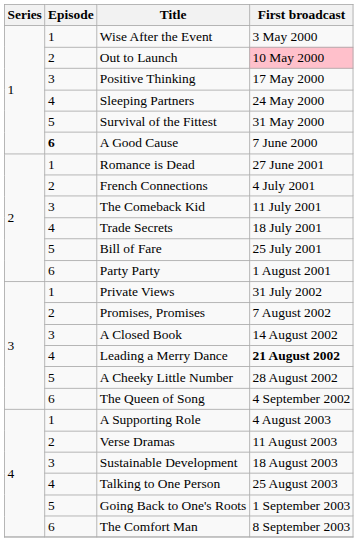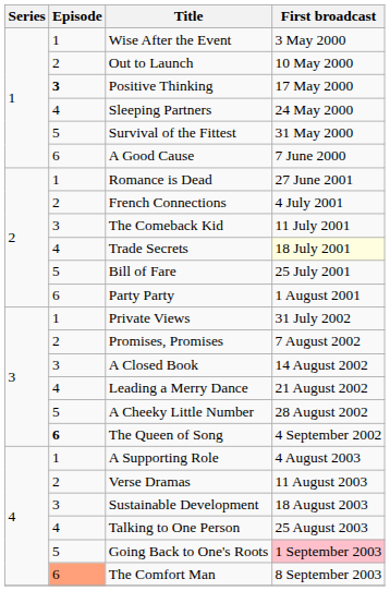 <table class="wikitable">
 <tr>
 <th>Series</th>
 <th>Episode</th>
 <th>Title</th>
 <th>First broadcast</th>
 </tr>
 <tr>
 <td rowspan="6">1</td>
 <td>1</td>
 <td>Wise After the Event</td>
 <td>3 May 2000</td>
 </tr>
 <tr>
 <td>2</td>
 <td>Out to Launch</td>
-<td style="background: pink;">10 May 2000</td>
+<td>10 May 2000</td>
 </tr>
 <tr>
-<td>3</td>
+<td><strong>3</strong></td>
 <td>Positive Thinking</td>
 <td>17 May 2000</td>
 </tr>
 <tr>
 <td>4</td>
 <td>Sleeping Partners</td>
 <td>24 May 2000</td>
 </tr>
 <tr>
 <td>5</td>
 <td>Survival of the Fittest</td>
 <td>31 May 2000</td>
 </tr>
 <tr>
-<td><strong>6</strong></td>
+<td>6</td>
 <td>A Good Cause</td>
 <td>7 June 2000</td>
 </tr>
 <tr>
 <td rowspan="6">2</td>
 <td>1</td>
 <td>Romance is Dead</td>
 <td>27 June 2001</td>
 </tr>
 <tr>
 <td>2</td>
 <td>French Connections</td>
 <td>4 July 2001</td>
 </tr>
 <tr>
 <td>3</td>
 <td>The Comeback Kid</td>
 <td>11 July 2001</td>
 </tr>
 <tr>
 <td>4</td>
 <td>Trade Secrets</td>
-<td>18 July 2001</td>
+<td style="background: lightyellow;">18 July 2001</td>
 </tr>
 <tr>
 <td>5</td>
 <td>Bill of Fare</td>
 <td>25 July 2001</td>
 </tr>
 <tr>
 <td>6</td>
 <td>Party Party</td>
 <td>1 August 2001</td>
 </tr>
 <tr>
 <td rowspan="6">3</td>
 <td>1</td>
 <td>Private Views</td>
 <td>31 July 2002</td>
 </tr>
 <tr>
 <td>2</td>
 <td>Promises, Promises</td>
 <td>7 August 2002</td>
 </tr>
 <tr>
 <td>3</td>
 <td>A Closed Book</td>
 <td>14 August 2002</td>
 </tr>
 <tr>
 <td>4</td>
 <td>Leading a Merry Dance</td>
-<td><strong>21 August 2002</strong></td>
+<td>21 August 2002</td>
 </tr>
 <tr>
 <td>5</td>
 <td>A Cheeky Little Number</td>
 <td>28 August 2002</td>
 </tr>
 <tr>
-<td>6</td>
+<td><strong>6</strong></td>
 <td>The Queen of Song</td>
 <td>4 September 2002</td>
 </tr>
 <tr>
 <td rowspan="6">4</td>
 <td>1</td>
 <td>A Supporting Role</td>
 <td>4 August 2003</td>
 </tr>
 <tr>
 <td>2</td>
 <td>Verse Dramas</td>
 <td>11 August 2003</td>
 </tr>
 <tr>
 <td>3</td>
 <td>Sustainable Development</td>
 <td>18 August 2003</td>
 </tr>
 <tr>
 <td>4</td>
 <td>Talking to One Person</td>
 <td>25 August 2003</td>
 </tr>
 <tr>
 <td>5</td>
 <td>Going Back to One's Roots</td>
-<td>1 September 2003</td>
+<td style="background: pink;">1 September 2003</td>
 </tr>
 <tr>
-<td>6</td>
+<td style="background: lightsalmon;">6</td>
 <td>The Comfort Man</td>
 <td>8 September 2003</td>
 </tr>
 <tr>
 </tr>
 </table>
